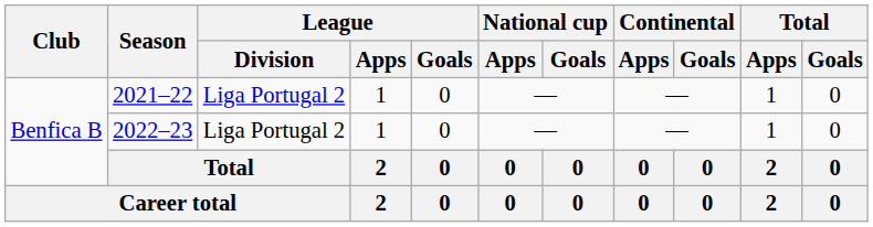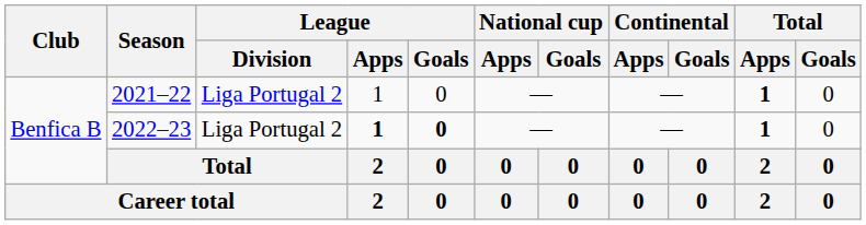 <table class="wikitable" style="text-align:center">
 <tr>
 <th rowspan="2">Club</th>
 <th rowspan="2">Season</th>
 <th colspan="3">League</th>
 <th colspan="2">National cup</th>
 <th colspan="2">Continental</th>
 <th colspan="2">Total</th>
 </tr>
 <tr>
 <th>Division</th>
 <th>Apps</th>
 <th>Goals</th>
 <th>Apps</th>
 <th>Goals</th>
 <th>Apps</th>
 <th>Goals</th>
 <th>Apps</th>
 <th>Goals</th>
 </tr>
 <tr>
 <td rowspan="3"><a href='#'>Benfica B</a></td>
 <td><a href='#'>2021–22</a></td>
 <td><a href='#'>Liga Portugal 2</a></td>
 <td>1</td>
 <td>0</td>
 <td colspan="2">—</td>
 <td colspan="2">—</td>
-<td>1</td>
+<td><strong>1</strong></td>
 <td>0</td>
 </tr>
 <tr>
 <td><a href='#'>2022–23</a></td>
 <td>Liga Portugal 2</td>
-<td>1</td>
-<td>0</td>
+<td><strong>1</strong></td>
+<td><strong>0</strong></td>
 <td colspan="2">—</td>
 <td colspan="2">—</td>
-<td>1</td>
+<td><strong>1</strong></td>
 <td>0</td>
 </tr>
 <tr>
 <th colspan=2>Total</th>
 <th>2</th>
 <th>0</th>
 <th>0</th>
 <th>0</th>
 <th>0</th>
 <th>0</th>
 <th>2</th>
 <th>0</th>
 </tr>
 <tr>
 <th colspan=3>Career total</th>
 <th>2</th>
 <th>0</th>
 <th>0</th>
 <th>0</th>
 <th>0</th>
 <th>0</th>
 <th>2</th>
 <th>0</th>
 </tr>
 </table>
